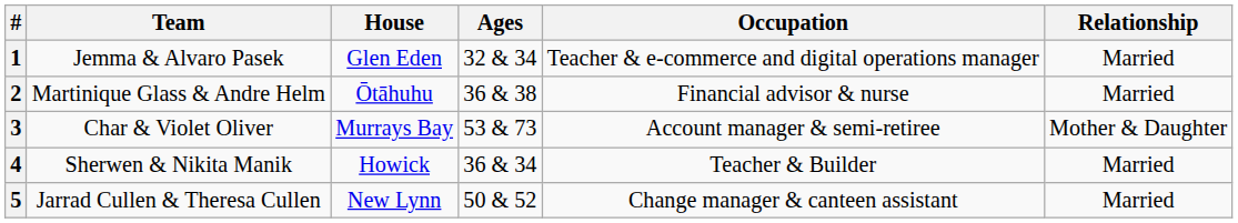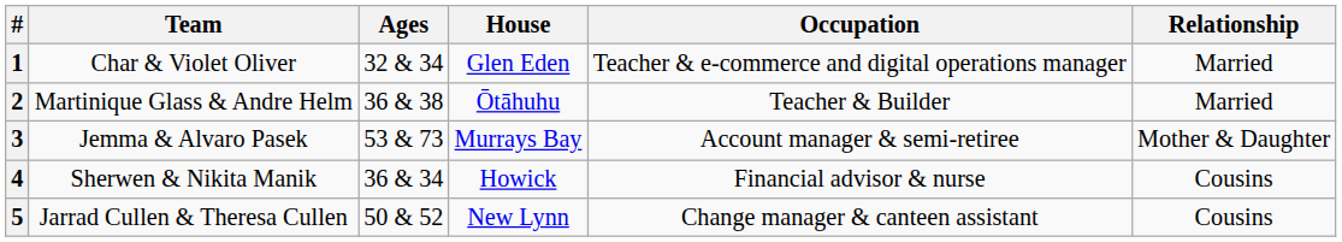 <table class="wikitable" style="text-align: center;”">
 <tr valign="top">
 <th>#</th>
 <th>Team</th>
+<th>Ages</th>
 <th>House</th>
-<th>Ages</th>
 <th>Occupation</th>
 <th>Relationship</th>
 </tr>
 <tr>
 <th scope="col" style="background:; color:black;">1</th>
-<td>Jemma & Alvaro Pasek</td>
+<td>Char & Violet Oliver</td>
+<td>32 & 34</td>
 <td><a href='#'>Glen Eden</a></td>
-<td>32 & 34</td>
 <td>Teacher & e-commerce and digital operations manager</td>
 <td>Married</td>
 </tr>
 <tr>
 <th scope="col" style="background:; color:black;">2</th>
 <td>Martinique Glass & Andre Helm</td>
+<td>36 & 38</td>
 <td><a href='#'>Ōtāhuhu</a></td>
-<td>36 & 38</td>
-<td>Financial advisor & nurse</td>
+<td>Teacher & Builder</td>
 <td>Married</td>
 </tr>
 <tr>
 <th scope="col" style="background:; color:black;">3</th>
-<td>Char & Violet Oliver</td>
+<td>Jemma & Alvaro Pasek</td>
+<td>53 & 73</td>
 <td><a href='#'>Murrays Bay</a></td>
-<td>53 & 73</td>
 <td>Account manager & semi-retiree</td>
 <td>Mother & Daughter</td>
 </tr>
 <tr>
 <th scope="col" style="background; color:black;">4</th>
 <td>Sherwen & Nikita Manik</td>
+<td>36 & 34</td>
 <td><a href='#'>Howick</a></td>
-<td>36 & 34</td>
-<td>Teacher & Builder</td>
-<td>Married</td>
+<td>Financial advisor & nurse</td>
+<td>Cousins</td>
 </tr>
 <tr>
 <th scope="col" style="background:; color:black;">5</th>
 <td>Jarrad Cullen & Theresa Cullen</td>
+<td>50 & 52</td>
 <td><a href='#'>New Lynn</a></td>
-<td>50 & 52</td>
 <td>Change manager & canteen assistant</td>
-<td>Married</td>
+<td>Cousins</td>
 </tr>
 </table>
